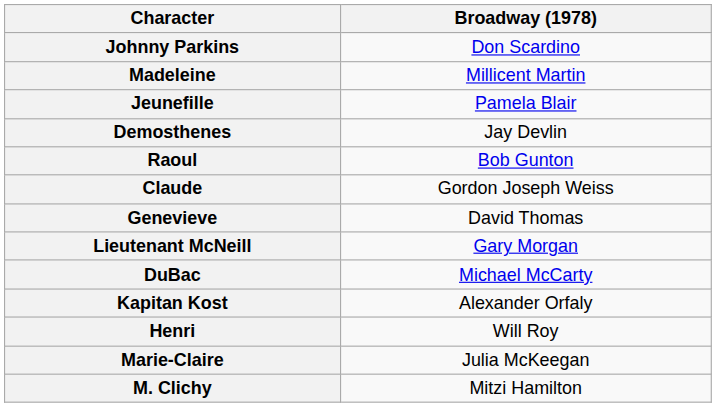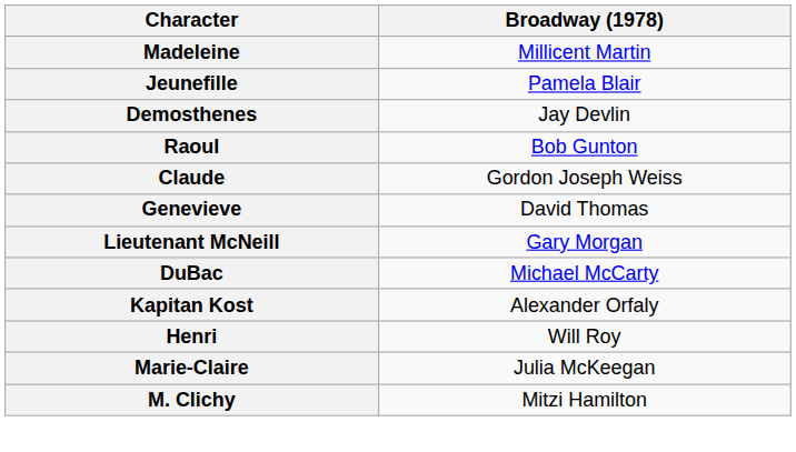 <table class="wikitable" style="width:50%; text-align:center">
 <tr>
 <th scope="col">Character</th>
 <th>Broadway (1978)</th>
-</tr>
-<tr>
-<th>Johnny Parkins</th>
-<td colspan="1"><a href='#'>Don Scardino</a></td>
 </tr>
 <tr>
 <th>Madeleine</th>
 <td colspan="1”"><a href='#'>Millicent Martin</a></td>
 </tr>
 <tr>
 <th>Jeunefille</th>
 <td colspan="1”"><a href='#'>Pamela Blair</a></td>
 </tr>
 <tr>
 <th>Demosthenes</th>
 <td colspan="1">Jay Devlin</td>
 </tr>
 <tr>
 <th>Raoul</th>
 <td colspan="1"><a href='#'>Bob Gunton</a></td>
 </tr>
 <tr>
 <th>Claude</th>
 <td colspan="1">Gordon Joseph Weiss</td>
 </tr>
 <tr>
 <th>Genevieve</th>
 <td colspan="1">David Thomas</td>
 </tr>
 <tr>
 <th>Lieutenant McNeill</th>
 <td colspan="1"><a href='#'>Gary Morgan</a></td>
 </tr>
 <tr>
 <th>DuBac</th>
 <td colspan="1"><a href='#'>Michael McCarty</a></td>
 </tr>
 <tr>
 <th>Kapitan Kost</th>
 <td colspan="1">Alexander Orfaly</td>
 </tr>
 <tr>
 <th>Henri</th>
 <td colspan="1">Will Roy</td>
 </tr>
 <tr>
 <th>Marie-Claire</th>
 <td colspan="1">Julia McKeegan</td>
 </tr>
 <tr>
 <th>M. Clichy</th>
 <td colspan="1">Mitzi Hamilton</td>
 </tr>
 </table>
